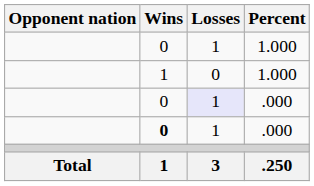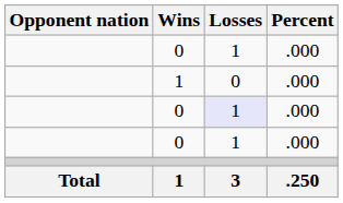 <table class=wikitable>
 <tr>
 <th>Opponent nation</th>
 <th>Wins</th>
 <th>Losses</th>
 <th>Percent</th>
 </tr>
 <tr align=center>
 <td align=left></td>
 <td>0</td>
 <td>1</td>
-<td>1.000</td>
+<td>.000</td>
 </tr>
 <tr align=center>
 <td align=left></td>
 <td>1</td>
 <td>0</td>
-<td>1.000</td>
+<td>.000</td>
 </tr>
 <tr align=center>
 <td align=left></td>
 <td>0</td>
 <td style="background: lavender;">1</td>
 <td>.000</td>
 </tr>
 <tr align=center>
 <td align=left></td>
-<td><strong>0</strong></td>
+<td>0</td>
 <td>1</td>
 <td>.000</td>
 </tr>
 <tr>
 <td colspan=4 bgcolor=lightgray></td>
 </tr>
 <tr>
 <th>Total</th>
 <th>1</th>
 <th>3</th>
 <th>.250</th>
 </tr>
 </table>
